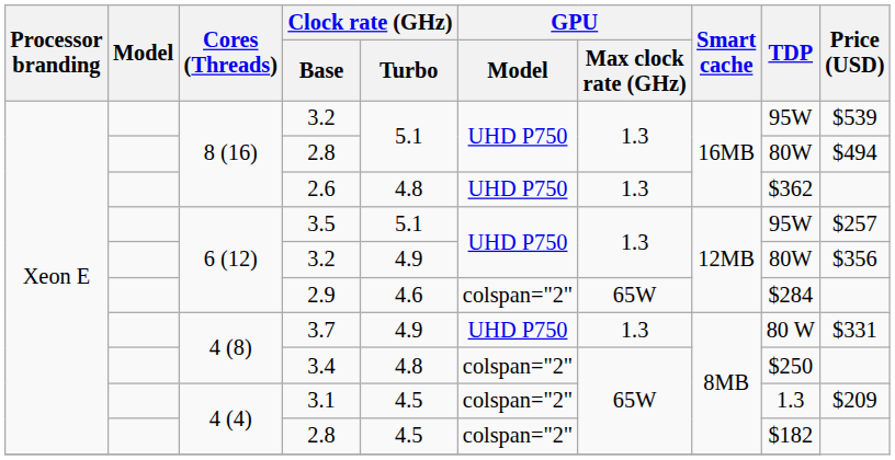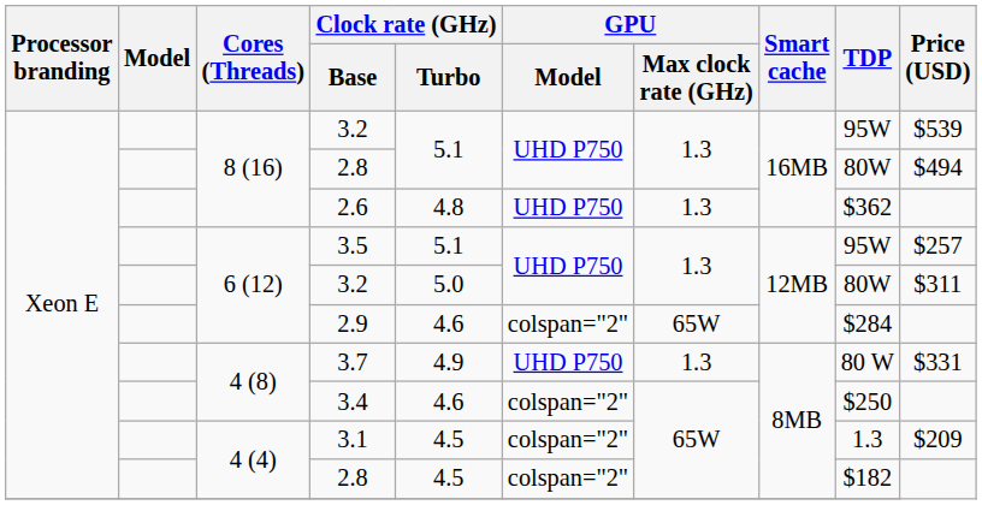 <table class="wikitable sortable" style="text-align: center;">
 <tr>
 <th rowspan="2">Processor<br>branding</th>
 <th rowspan="2">Model</th>
 <th rowspan="2"><a href='#'>Cores</a> <br> (<a href='#'>Threads</a>)</th>
 <th colspan="2"><a href='#'>Clock rate</a> (GHz)</th>
 <th colspan="2"><a href='#'>GPU</a></th>
 <th rowspan="2"><a href='#'>Smart<br>cache</a></th>
 <th rowspan="2"><a href='#'>TDP</a></th>
 <th rowspan="2">Price<br>(USD)</th>
 </tr>
 <tr>
 <th>Base</th>
 <th>Turbo</th>
 <th>Model</th>
 <th>Max clock <br> rate (GHz)</th>
 </tr>
 <tr>
 <td rowspan="10">Xeon E</td>
 <td></td>
 <td rowspan="3">8 (16)</td>
 <td>3.2</td>
 <td rowspan="2">5.1</td>
 <td rowspan="2"><a href='#'>UHD P750</a></td>
 <td rowspan="2">1.3</td>
 <td rowspan="3">16MB</td>
 <td>95W</td>
 <td>$539</td>
 </tr>
 <tr>
 <td></td>
 <td>2.8</td>
 <td>80W</td>
 <td>$494</td>
 </tr>
 <tr>
 <td></td>
 <td>2.6</td>
 <td>4.8</td>
 <td><a href='#'>UHD P750</a></td>
 <td>1.3</td>
 <td>$362</td>
 </tr>
 <tr>
 <td></td>
 <td rowspan="3">6 (12)</td>
 <td>3.5</td>
 <td>5.1</td>
 <td rowspan="2"><a href='#'>UHD P750</a></td>
 <td rowspan="2">1.3</td>
 <td rowspan="3">12MB</td>
 <td>95W</td>
 <td>$257</td>
 </tr>
 <tr>
 <td></td>
 <td>3.2</td>
-<td>4.9</td>
+<td>5.0</td>
 <td>80W</td>
-<td>$356</td>
+<td>$311</td>
 </tr>
 <tr>
 <td></td>
 <td>2.9</td>
 <td>4.6</td>
 <td>colspan="2" </td>
 <td>65W</td>
 <td>$284</td>
 </tr>
 <tr>
 <td></td>
 <td rowspan="2">4 (8)</td>
 <td>3.7</td>
 <td>4.9</td>
 <td><a href='#'>UHD P750</a></td>
 <td>1.3</td>
 <td rowspan="4">8MB</td>
 <td>80 W</td>
 <td>$331</td>
 </tr>
 <tr>
 <td></td>
 <td>3.4</td>
-<td>4.8</td>
+<td>4.6</td>
 <td>colspan="2" </td>
 <td rowspan="3">65W</td>
 <td>$250</td>
 </tr>
 <tr>
 <td></td>
 <td rowspan="2">4 (4)</td>
 <td>3.1</td>
 <td>4.5</td>
 <td>colspan="2" </td>
 <td>1.3</td>
 <td>$209</td>
 </tr>
 <tr>
 <td></td>
 <td>2.8</td>
 <td>4.5</td>
 <td>colspan="2" </td>
 <td>$182</td>
 </tr>
 <tr>
 </tr>
 </table>
